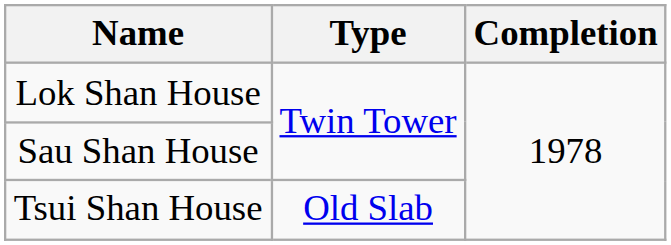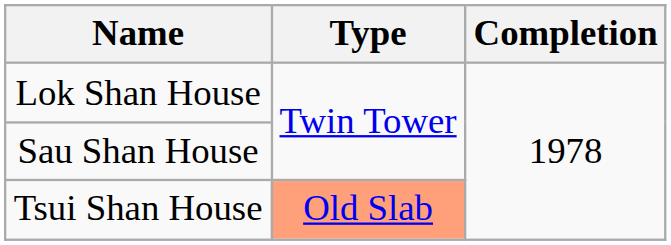 <table class="wikitable" style="text-align: center">
 <tr>
 <th>Name</th>
 <th>Type</th>
 <th>Completion</th>
 </tr>
 <tr>
 <td>Lok Shan House</td>
 <td rowspan="2"><a href='#'>Twin Tower</a></td>
 <td rowspan="3">1978</td>
 </tr>
 <tr>
 <td>Sau Shan House</td>
 </tr>
 <tr>
 <td>Tsui Shan House</td>
-<td><a href='#'>Old Slab</a></td>
+<td style="background: lightsalmon;"><a href='#'>Old Slab</a></td>
 </tr>
 </table>
